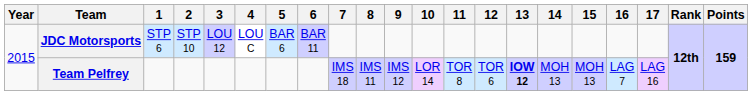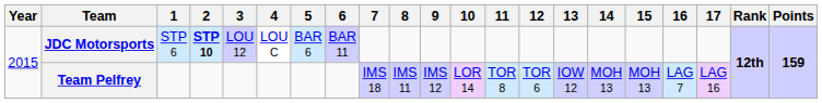 <table class="wikitable" style="text-align:center; font-size:90%">
 <tr>
 <th>Year</th>
 <th>Team</th>
 <th>1</th>
 <th>2</th>
 <th>3</th>
 <th>4</th>
 <th>5</th>
 <th>6</th>
 <th>7</th>
 <th>8</th>
 <th>9</th>
 <th>10</th>
 <th>11</th>
 <th>12</th>
 <th>13</th>
 <th>14</th>
 <th>15</th>
 <th>16</th>
 <th>17</th>
 <th>Rank</th>
 <th>Points</th>
 </tr>
 <tr>
 <td rowspan=2><a href='#'>2015</a></td>
 <th><a href='#'>JDC Motorsports</a></th>
 <td style="background:#CFEAFF;"><a href='#'>STP</a><br><small>6</small></td>
-<td style="background:#CFEAFF;"><a href='#'>STP</a><br><small>10</small></td>
+<td style="background:#CFEAFF;"><strong><a href='#'>STP</a><br><small>10</small></strong></td>
 <td style="background:#CFCFFF;"><a href='#'>LOU</a><br><small>12</small></td>
 <td style="background:#FFFFFF;"><a href='#'>LOU</a><br><small>C</small></td>
 <td style="background:#CFEAFF;"><a href='#'>BAR</a><br><small>6</small></td>
 <td style="background:#CFCFFF;"><a href='#'>BAR</a><br><small>11</small></td>
 <td></td>
 <td></td>
 <td></td>
 <td></td>
 <td></td>
 <td></td>
 <td></td>
 <td></td>
 <td></td>
 <td></td>
 <td></td>
 <td rowspan=2 style="background:#CFCFFF;"><strong>12th</strong></td>
 <td rowspan=2 style="background:#CFCFFF;"><strong>159</strong></td>
 </tr>
 <tr>
 <th><a href='#'>Team Pelfrey</a></th>
 <td></td>
 <td></td>
 <td></td>
 <td></td>
 <td></td>
 <td></td>
 <td style="background:#CFCFFF;"><a href='#'>IMS</a><br><small>18</small></td>
 <td style="background:#CFCFFF;"><a href='#'>IMS</a><br><small>11</small></td>
 <td style="background:#CFCFFF;"><a href='#'>IMS</a><br><small>12</small></td>
 <td style="background:#EFCFFF;"><a href='#'>LOR</a><br><small>14</small></td>
 <td style="background:#CFEAFF;"><a href='#'>TOR</a><br><small>8</small></td>
 <td style="background:#CFEAFF;"><a href='#'>TOR</a><br><small>6</small></td>
-<td style="background:#CFCFFF;"><strong><a href='#'>IOW</a><br><small>12</small></strong></td>
+<td style="background:#CFCFFF;"><a href='#'>IOW</a><br><small>12</small></td>
 <td style="background:#CFCFFF;"><a href='#'>MOH</a><br><small>13</small></td>
 <td style="background:#CFCFFF;"><a href='#'>MOH</a><br><small>13</small></td>
 <td style="background:#CFEAFF;"><a href='#'>LAG</a><br><small>7</small></td>
 <td style="background:#EFCFFF;"><a href='#'>LAG</a><br><small>16</small></td>
 </tr>
 </table>
